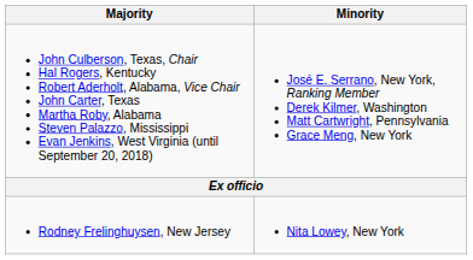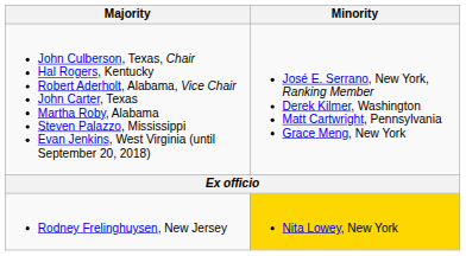 <table class=wikitable>
 <tr>
 <th>Majority</th>
 <th>Minority</th>
 </tr>
 <tr>
 <td><br><ul><li><a href='#'>John Culberson</a>, Texas, <em>Chair</em></li><li><a href='#'>Hal Rogers</a>, Kentucky</li><li><a href='#'>Robert Aderholt</a>, Alabama, <em>Vice Chair</em></li><li><a href='#'>John Carter</a>, Texas</li><li><a href='#'>Martha Roby</a>, Alabama</li><li><a href='#'>Steven Palazzo</a>, Mississippi</li><li><a href='#'>Evan Jenkins</a>, West Virginia (until September 20, 2018)</li></ul></td>
 <td><br><ul><li><a href='#'>José E. Serrano</a>, New York, <em>Ranking Member</em></li><li><a href='#'>Derek Kilmer</a>, Washington</li><li><a href='#'>Matt Cartwright</a>, Pennsylvania</li><li><a href='#'>Grace Meng</a>, New York</li></ul></td>
 </tr>
 <tr>
 <th colspan=2><em>Ex officio</em></th>
 </tr>
 <tr>
 <td><br><ul><li><a href='#'>Rodney Frelinghuysen</a>, New Jersey</li></ul></td>
-<td><br><ul><li><a href='#'>Nita Lowey</a>, New York</li></ul></td>
+<td style="background: gold;"><br><ul><li><a href='#'>Nita Lowey</a>, New York</li></ul></td>
 </tr>
 </table>
